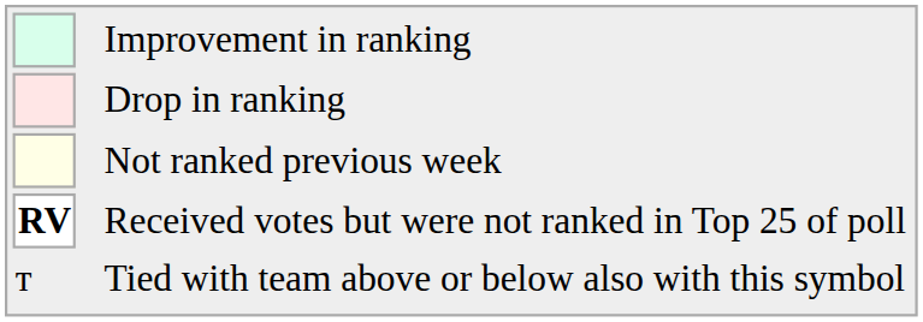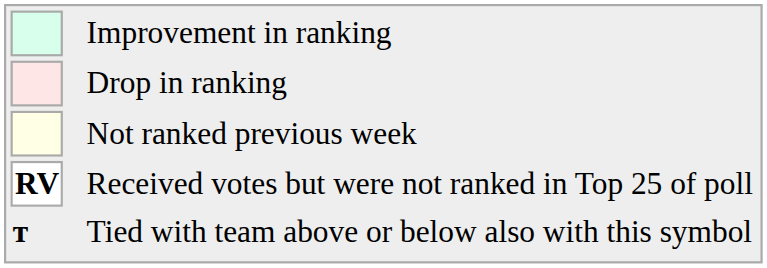 <table align=left style="font-size:90%; border:1px solid #aaaaaa; white-space:nowrap; background:#eeeeee;">
 <tr>
 <td style="background:#d8ffeb; width:20px; border:1px solid #aaaaaa;"> </td>
 <td rowspan=5> </td>
 <td>Improvement in ranking</td>
 </tr>
 <tr>
 <td style="background:#ffe6e6; width:20px; border:1px solid #aaaaaa;"> </td>
 <td>Drop in ranking</td>
 </tr>
 <tr>
 <td style="background:#ffffe6; width:20px; border:1px solid #aaaaaa;"> </td>
 <td>Not ranked previous week</td>
 </tr>
 <tr>
 <td align=center style="width:20px; border:1px solid #aaaaaa; background:white;"><strong>RV</strong></td>
 <td>Received votes but were not ranked in Top 25 of poll</td>
 </tr>
 <tr>
-<td>т</td>
+<td><strong>т</strong></td>
 <td>Tied with team above or below also with this symbol</td>
 </tr>
 <tr>
 </tr>
 </table>
